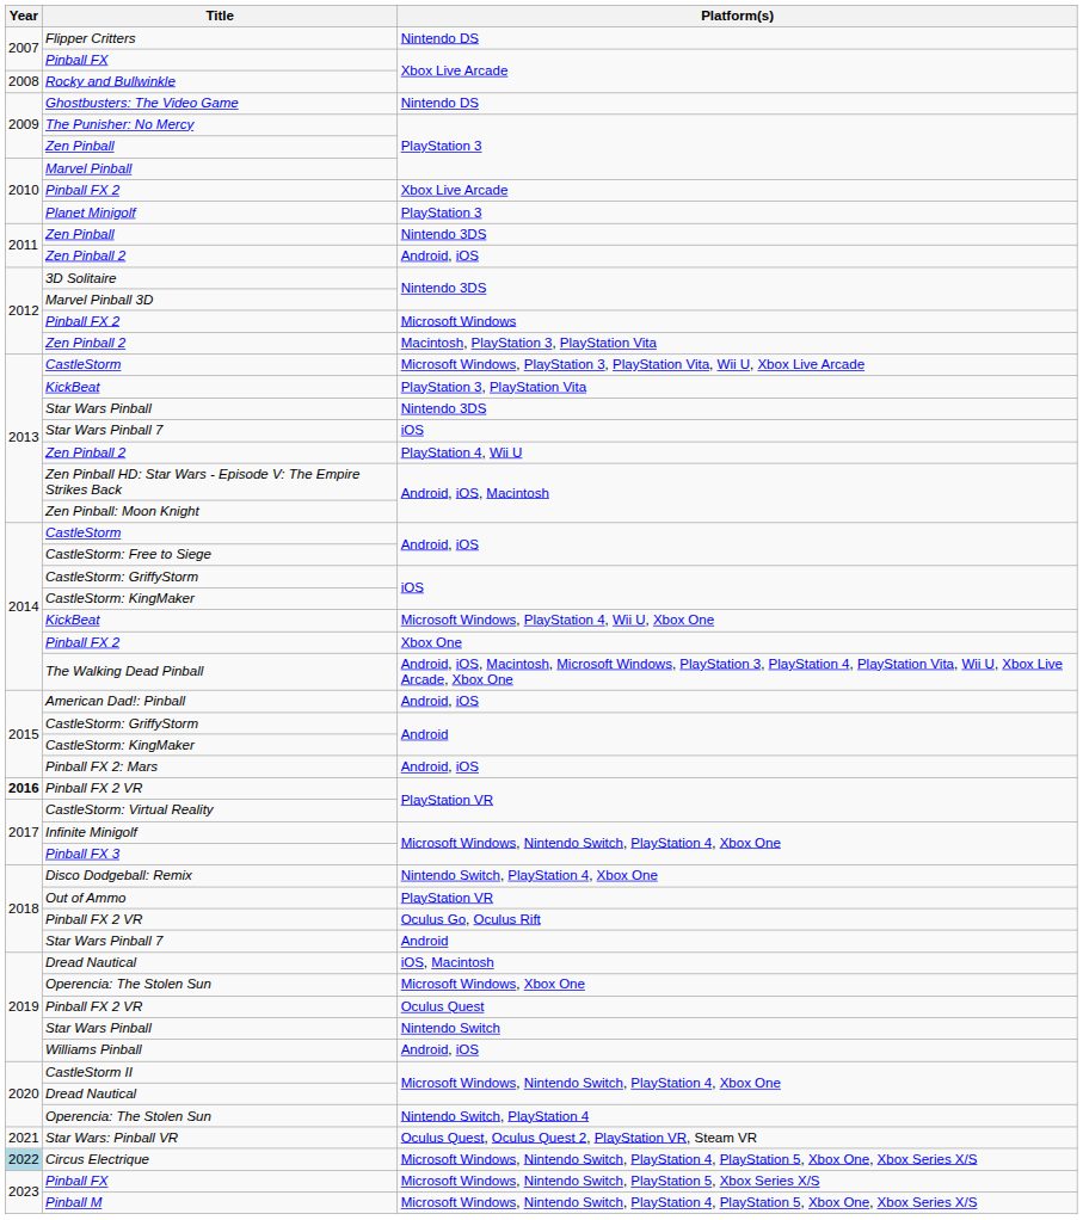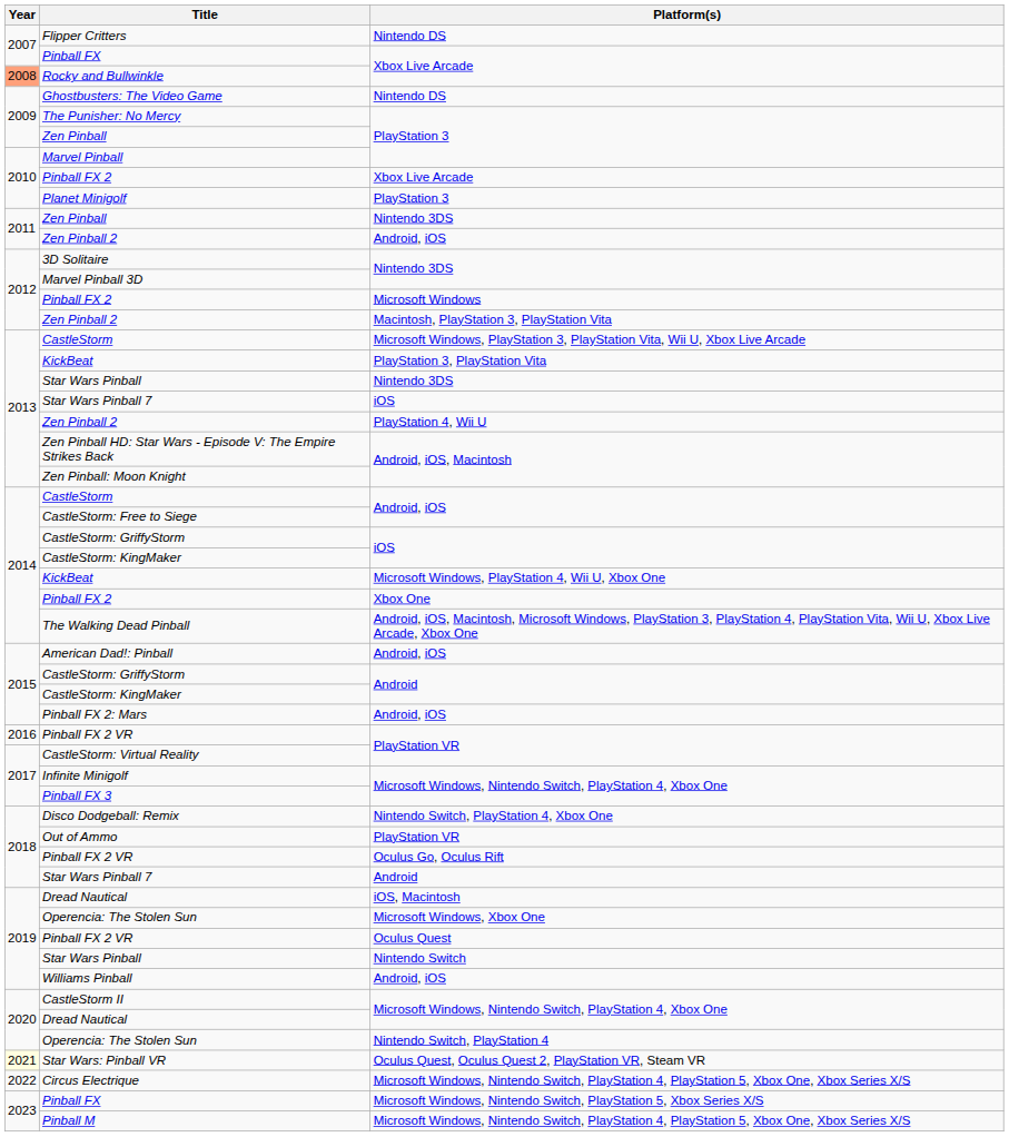 <table class="wikitable sortable">
 <tr>
 <th>Year</th>
 <th>Title</th>
 <th>Platform(s)</th>
 </tr>
 <tr>
 <td rowspan="2">2007</td>
 <td><em>Flipper Critters</em></td>
 <td><a href='#'>Nintendo DS</a></td>
 </tr>
 <tr>
 <td><em><a href='#'>Pinball FX</a></em></td>
 <td rowspan="2"><a href='#'>Xbox Live Arcade</a></td>
 </tr>
 <tr>
-<td>2008</td>
+<td style="background: lightsalmon;">2008</td>
 <td><a href='#'><em>Rocky and Bullwinkle</em></a></td>
 </tr>
 <tr>
 <td rowspan="3">2009</td>
 <td><em><a href='#'>Ghostbusters: The Video Game</a></em></td>
 <td><a href='#'>Nintendo DS</a></td>
 </tr>
 <tr>
 <td><em><a href='#'>The Punisher: No Mercy</a></em></td>
 <td rowspan="3"><a href='#'>PlayStation 3</a></td>
 </tr>
 <tr>
 <td><em><a href='#'>Zen Pinball</a></em></td>
 </tr>
 <tr>
 <td rowspan="3">2010</td>
 <td><em><a href='#'>Marvel Pinball</a></em></td>
 </tr>
 <tr>
 <td><em><a href='#'>Pinball FX 2</a></em></td>
 <td><a href='#'>Xbox Live Arcade</a></td>
 </tr>
 <tr>
 <td><em><a href='#'>Planet Minigolf</a></em></td>
 <td><a href='#'>PlayStation 3</a></td>
 </tr>
 <tr>
 <td rowspan="2">2011</td>
 <td><em><a href='#'>Zen Pinball</a></em></td>
 <td><a href='#'>Nintendo 3DS</a></td>
 </tr>
 <tr>
 <td><em><a href='#'>Zen Pinball 2</a></em></td>
 <td><a href='#'>Android</a>, <a href='#'>iOS</a></td>
 </tr>
 <tr>
 <td rowspan="4">2012</td>
 <td><em>3D Solitaire</em></td>
 <td rowspan="2"><a href='#'>Nintendo 3DS</a></td>
 </tr>
 <tr>
 <td><em>Marvel Pinball 3D</em></td>
 </tr>
 <tr>
 <td><em><a href='#'>Pinball FX 2</a></em></td>
 <td><a href='#'>Microsoft Windows</a></td>
 </tr>
 <tr>
 <td><em><a href='#'>Zen Pinball 2</a></em></td>
 <td><a href='#'>Macintosh</a>, <a href='#'>PlayStation 3</a>, <a href='#'>PlayStation Vita</a></td>
 </tr>
 <tr>
 <td rowspan="7">2013</td>
 <td><em><a href='#'>CastleStorm</a></em></td>
 <td><a href='#'>Microsoft Windows</a>, <a href='#'>PlayStation 3</a>, <a href='#'>PlayStation Vita</a>, <a href='#'>Wii U</a>, <a href='#'>Xbox Live Arcade</a></td>
 </tr>
 <tr>
 <td><em><a href='#'>KickBeat</a></em></td>
 <td><a href='#'>PlayStation 3</a>, <a href='#'>PlayStation Vita</a></td>
 </tr>
 <tr>
 <td><em>Star Wars Pinball</em></td>
 <td><a href='#'>Nintendo 3DS</a></td>
 </tr>
 <tr>
 <td><em>Star Wars Pinball 7</em></td>
 <td><a href='#'>iOS</a></td>
 </tr>
 <tr>
 <td><em><a href='#'>Zen Pinball 2</a></em></td>
 <td><a href='#'>PlayStation 4</a>, <a href='#'>Wii U</a></td>
 </tr>
 <tr>
 <td><em>Zen Pinball HD: Star Wars - Episode V: The Empire Strikes Back</em></td>
 <td rowspan="2"><a href='#'>Android</a>, <a href='#'>iOS</a>, <a href='#'>Macintosh</a></td>
 </tr>
 <tr>
 <td><em>Zen Pinball: Moon Knight</em></td>
 </tr>
 <tr>
 <td rowspan="7">2014</td>
 <td><em><a href='#'>CastleStorm</a></em></td>
 <td rowspan="2"><a href='#'>Android</a>, <a href='#'>iOS</a></td>
 </tr>
 <tr>
 <td><em>CastleStorm: Free to Siege</em></td>
 </tr>
 <tr>
 <td><em>CastleStorm: GriffyStorm</em></td>
 <td rowspan="2"><a href='#'>iOS</a></td>
 </tr>
 <tr>
 <td><em>CastleStorm: KingMaker</em></td>
 </tr>
 <tr>
 <td><em><a href='#'>KickBeat</a></em></td>
 <td><a href='#'>Microsoft Windows</a>, <a href='#'>PlayStation 4</a>, <a href='#'>Wii U</a>, <a href='#'>Xbox One</a></td>
 </tr>
 <tr>
 <td><em><a href='#'>Pinball FX 2</a></em></td>
 <td><a href='#'>Xbox One</a></td>
 </tr>
 <tr>
 <td><em>The Walking Dead Pinball</em></td>
 <td><a href='#'>Android</a>, <a href='#'>iOS</a>, <a href='#'>Macintosh</a>, <a href='#'>Microsoft Windows</a>, <a href='#'>PlayStation 3</a>, <a href='#'>PlayStation 4</a>, <a href='#'>PlayStation Vita</a>, <a href='#'>Wii U</a>, <a href='#'>Xbox Live Arcade</a>, <a href='#'>Xbox One</a></td>
 </tr>
 <tr>
 <td rowspan="4">2015</td>
 <td><em>American Dad!: Pinball</em></td>
 <td><a href='#'>Android</a>, <a href='#'>iOS</a></td>
 </tr>
 <tr>
 <td><em>CastleStorm: GriffyStorm</em></td>
 <td rowspan="2"><a href='#'>Android</a></td>
 </tr>
 <tr>
 <td><em>CastleStorm: KingMaker</em></td>
 </tr>
 <tr>
 <td><em>Pinball FX 2: Mars</em></td>
 <td><a href='#'>Android</a>, <a href='#'>iOS</a></td>
 </tr>
 <tr>
-<td><strong>2016</strong></td>
+<td>2016</td>
 <td><em>Pinball FX 2 VR</em></td>
 <td rowspan="2"><a href='#'>PlayStation VR</a></td>
 </tr>
 <tr>
 <td rowspan="3">2017</td>
 <td><em>CastleStorm: Virtual Reality</em></td>
 </tr>
 <tr>
 <td><em>Infinite Minigolf</em></td>
 <td rowspan="2"><a href='#'>Microsoft Windows</a>, <a href='#'>Nintendo Switch</a>, <a href='#'>PlayStation 4</a>, <a href='#'>Xbox One</a></td>
 </tr>
 <tr>
 <td><em><a href='#'>Pinball FX 3</a></em></td>
 </tr>
 <tr>
 <td rowspan="4">2018</td>
 <td><em>Disco Dodgeball: Remix</em></td>
 <td><a href='#'>Nintendo Switch</a>, <a href='#'>PlayStation 4</a>, <a href='#'>Xbox One</a></td>
 </tr>
 <tr>
 <td><em>Out of Ammo</em></td>
 <td><a href='#'>PlayStation VR</a></td>
 </tr>
 <tr>
 <td><em>Pinball FX 2 VR</em></td>
 <td><a href='#'>Oculus Go</a>, <a href='#'>Oculus Rift</a></td>
 </tr>
 <tr>
 <td><em>Star Wars Pinball 7</em></td>
 <td><a href='#'>Android</a></td>
 </tr>
 <tr>
 <td rowspan="5">2019</td>
 <td><em>Dread Nautical</em></td>
 <td><a href='#'>iOS</a>, <a href='#'>Macintosh</a></td>
 </tr>
 <tr>
 <td><em>Operencia: The Stolen Sun</em></td>
 <td><a href='#'>Microsoft Windows</a>, <a href='#'>Xbox One</a></td>
 </tr>
 <tr>
 <td><em>Pinball FX 2 VR</em></td>
 <td><a href='#'>Oculus Quest</a></td>
 </tr>
 <tr>
 <td><em>Star Wars Pinball</em></td>
 <td><a href='#'>Nintendo Switch</a></td>
 </tr>
 <tr>
 <td><em>Williams Pinball</em></td>
 <td><a href='#'>Android</a>, <a href='#'>iOS</a></td>
 </tr>
 <tr>
 <td rowspan="3">2020</td>
 <td><em>CastleStorm II</em></td>
 <td rowspan="2"><a href='#'>Microsoft Windows</a>, <a href='#'>Nintendo Switch</a>, <a href='#'>PlayStation 4</a>, <a href='#'>Xbox One</a></td>
 </tr>
 <tr>
 <td><em>Dread Nautical</em></td>
 </tr>
 <tr>
 <td><em>Operencia: The Stolen Sun</em></td>
 <td><a href='#'>Nintendo Switch</a>, <a href='#'>PlayStation 4</a></td>
 </tr>
 <tr>
-<td rowspan="1">2021</td>
+<td rowspan="1" style="background: lightyellow;">2021</td>
 <td><em>Star Wars: Pinball VR</em></td>
 <td><a href='#'>Oculus Quest</a>, <a href='#'>Oculus Quest 2</a>, <a href='#'>PlayStation VR</a>, Steam VR</td>
 </tr>
 <tr>
-<td style="background: lightblue;">2022</td>
+<td>2022</td>
 <td><em>Circus Electrique</em></td>
 <td><a href='#'>Microsoft Windows</a>, <a href='#'>Nintendo Switch</a>, <a href='#'>PlayStation 4</a>, <a href='#'>PlayStation 5</a>, <a href='#'>Xbox One</a>, <a href='#'>Xbox Series X/S</a></td>
 </tr>
 <tr>
 <td rowspan="2">2023</td>
 <td><em><a href='#'>Pinball FX</a></em></td>
 <td><a href='#'>Microsoft Windows</a>, <a href='#'>Nintendo Switch</a>, <a href='#'>PlayStation 5</a>, <a href='#'>Xbox Series X/S</a></td>
 </tr>
 <tr>
 <td><em><a href='#'>Pinball M</a></em></td>
 <td><a href='#'>Microsoft Windows</a>, <a href='#'>Nintendo Switch</a>, <a href='#'>PlayStation 4</a>, <a href='#'>PlayStation 5</a>, <a href='#'>Xbox One</a>, <a href='#'>Xbox Series X/S</a></td>
 </tr>
 </table>
